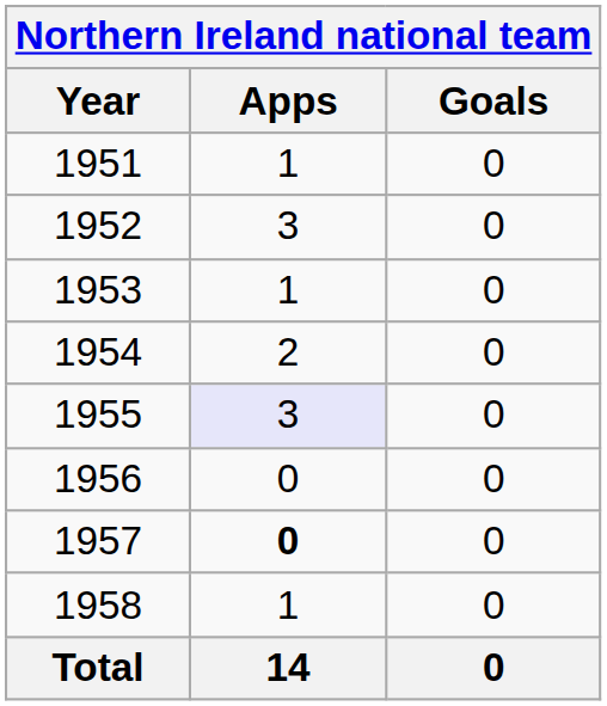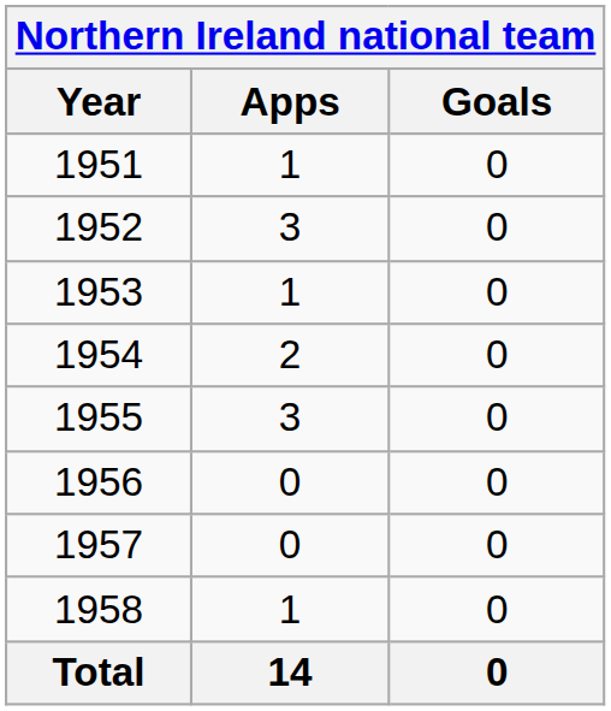 <table class="wikitable" style="text-align:center">
 <tr>
 <th colspan=3><a href='#'>Northern Ireland national team</a></th>
 </tr>
 <tr>
 <th>Year</th>
 <th>Apps</th>
 <th>Goals</th>
 </tr>
 <tr>
 <td>1951</td>
 <td>1</td>
 <td>0</td>
 </tr>
 <tr>
 <td>1952</td>
 <td>3</td>
 <td>0</td>
 </tr>
 <tr>
 <td>1953</td>
 <td>1</td>
 <td>0</td>
 </tr>
 <tr>
 <td>1954</td>
 <td>2</td>
 <td>0</td>
 </tr>
 <tr>
 <td>1955</td>
-<td style="background: lavender;">3</td>
+<td>3</td>
 <td>0</td>
 </tr>
 <tr>
 <td>1956</td>
 <td>0</td>
 <td>0</td>
 </tr>
 <tr>
 <td>1957</td>
-<td><strong>0</strong></td>
+<td>0</td>
 <td>0</td>
 </tr>
 <tr>
 <td>1958</td>
 <td>1</td>
 <td>0</td>
 </tr>
 <tr>
 <th>Total</th>
 <th>14</th>
 <th>0</th>
 </tr>
 </table>
